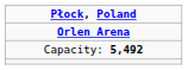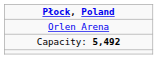 <table class=wikitable style=text-align:center width=210>
 <tr>
 <td><strong> <a href='#'>Płock</a>, <a href='#'>Poland</a></strong></td>
 </tr>
 <tr>
-<td><strong><a href='#'>Orlen Arena</a></strong></td>
+<td><a href='#'>Orlen Arena</a></td>
 </tr>
 <tr>
 <td>Capacity: <strong>5,492</strong></td>
 </tr>
 <tr>
 <td></td>
 </tr>
 </table>
